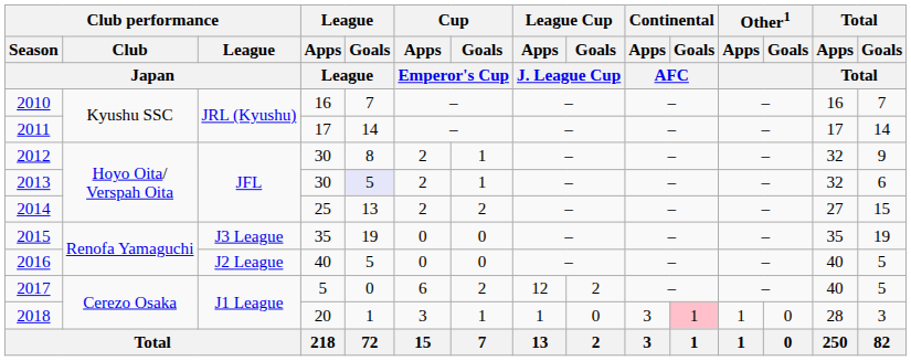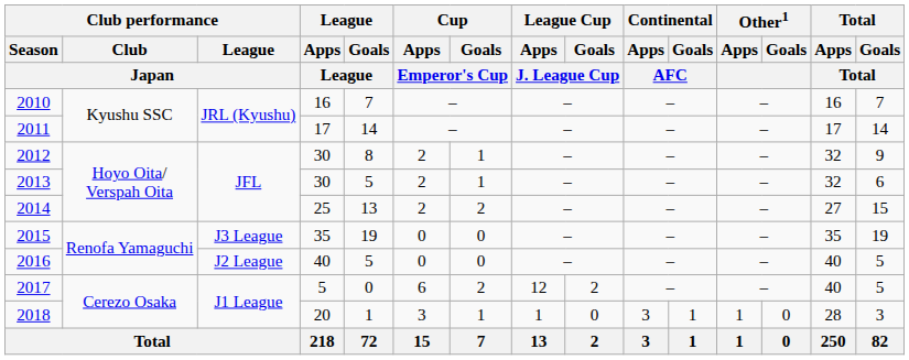 <table class="wikitable" style="text-align:center;">
 <tr>
 <th colspan=3>Club performance</th>
 <th colspan=2>League</th>
 <th colspan=2>Cup</th>
 <th colspan=2>League Cup</th>
 <th colspan=2>Continental</th>
 <th colspan=2>Other<sup>1</sup></th>
 <th colspan=2>Total</th>
 </tr>
 <tr>
 <th>Season</th>
 <th>Club</th>
 <th>League</th>
 <th>Apps</th>
 <th>Goals</th>
 <th>Apps</th>
 <th>Goals</th>
 <th>Apps</th>
 <th>Goals</th>
 <th>Apps</th>
 <th>Goals</th>
 <th>Apps</th>
 <th>Goals</th>
 <th>Apps</th>
 <th>Goals</th>
 </tr>
 <tr>
 <th colspan=3>Japan</th>
 <th colspan=2>League</th>
 <th colspan=2><a href='#'>Emperor's Cup</a></th>
 <th colspan=2><a href='#'>J. League Cup</a></th>
 <th colspan=2><a href='#'>AFC</a></th>
 <th colspan=2></th>
 <th colspan=2>Total</th>
 </tr>
 <tr>
 <td><a href='#'>2010</a></td>
 <td rowspan="2">Kyushu SSC</td>
 <td rowspan="2"><a href='#'>JRL (Kyushu)</a></td>
 <td>16</td>
 <td>7</td>
 <td colspan="2">–</td>
 <td colspan="2">–</td>
 <td colspan="2">–</td>
 <td colspan="2">–</td>
 <td>16</td>
 <td>7</td>
 </tr>
 <tr>
 <td><a href='#'>2011</a></td>
 <td>17</td>
 <td>14</td>
 <td colspan="2">–</td>
 <td colspan="2">–</td>
 <td colspan="2">–</td>
 <td colspan="2">–</td>
 <td>17</td>
 <td>14</td>
 </tr>
 <tr>
 <td><a href='#'>2012</a></td>
 <td rowspan="3"><a href='#'>Hoyo Oita</a>/<br><a href='#'>Verspah Oita</a></td>
 <td rowspan="3"><a href='#'>JFL</a></td>
 <td>30</td>
 <td>8</td>
 <td>2</td>
 <td>1</td>
 <td colspan="2">–</td>
 <td colspan="2">–</td>
 <td colspan="2">–</td>
 <td>32</td>
 <td>9</td>
 </tr>
 <tr>
 <td><a href='#'>2013</a></td>
 <td>30</td>
-<td style="background: lavender;">5</td>
+<td>5</td>
 <td>2</td>
 <td>1</td>
 <td colspan="2">–</td>
 <td colspan="2">–</td>
 <td colspan="2">–</td>
 <td>32</td>
 <td>6</td>
 </tr>
 <tr>
 <td><a href='#'>2014</a></td>
 <td>25</td>
 <td>13</td>
 <td>2</td>
 <td>2</td>
 <td colspan="2">–</td>
 <td colspan="2">–</td>
 <td colspan="2">–</td>
 <td>27</td>
 <td>15</td>
 </tr>
 <tr>
 <td><a href='#'>2015</a></td>
 <td rowspan="2"><a href='#'>Renofa Yamaguchi</a></td>
 <td><a href='#'>J3 League</a></td>
 <td>35</td>
 <td>19</td>
 <td>0</td>
 <td>0</td>
 <td colspan="2">–</td>
 <td colspan="2">–</td>
 <td colspan="2">–</td>
 <td>35</td>
 <td>19</td>
 </tr>
 <tr>
 <td><a href='#'>2016</a></td>
 <td><a href='#'>J2 League</a></td>
 <td>40</td>
 <td>5</td>
 <td>0</td>
 <td>0</td>
 <td colspan="2">–</td>
 <td colspan="2">–</td>
 <td colspan="2">–</td>
 <td>40</td>
 <td>5</td>
 </tr>
 <tr>
 <td><a href='#'>2017</a></td>
 <td rowspan=2><a href='#'>Cerezo Osaka</a></td>
 <td rowspan=2><a href='#'>J1 League</a></td>
 <td>5</td>
 <td>0</td>
 <td>6</td>
 <td>2</td>
 <td>12</td>
 <td>2</td>
 <td colspan="2">–</td>
 <td colspan="2">–</td>
 <td>40</td>
 <td>5</td>
 </tr>
 <tr>
 <td><a href='#'>2018</a></td>
 <td>20</td>
 <td>1</td>
 <td>3</td>
 <td>1</td>
 <td>1</td>
 <td>0</td>
 <td>3</td>
-<td style="background: pink;">1</td>
+<td>1</td>
 <td>1</td>
 <td>0</td>
 <td>28</td>
 <td>3</td>
 </tr>
 <tr>
 <th colspan="3">Total</th>
 <th>218</th>
 <th>72</th>
 <th>15</th>
 <th>7</th>
 <th>13</th>
 <th>2</th>
 <th>3</th>
 <th>1</th>
 <th>1</th>
 <th>0</th>
 <th>250</th>
 <th>82</th>
 </tr>
 </table>
